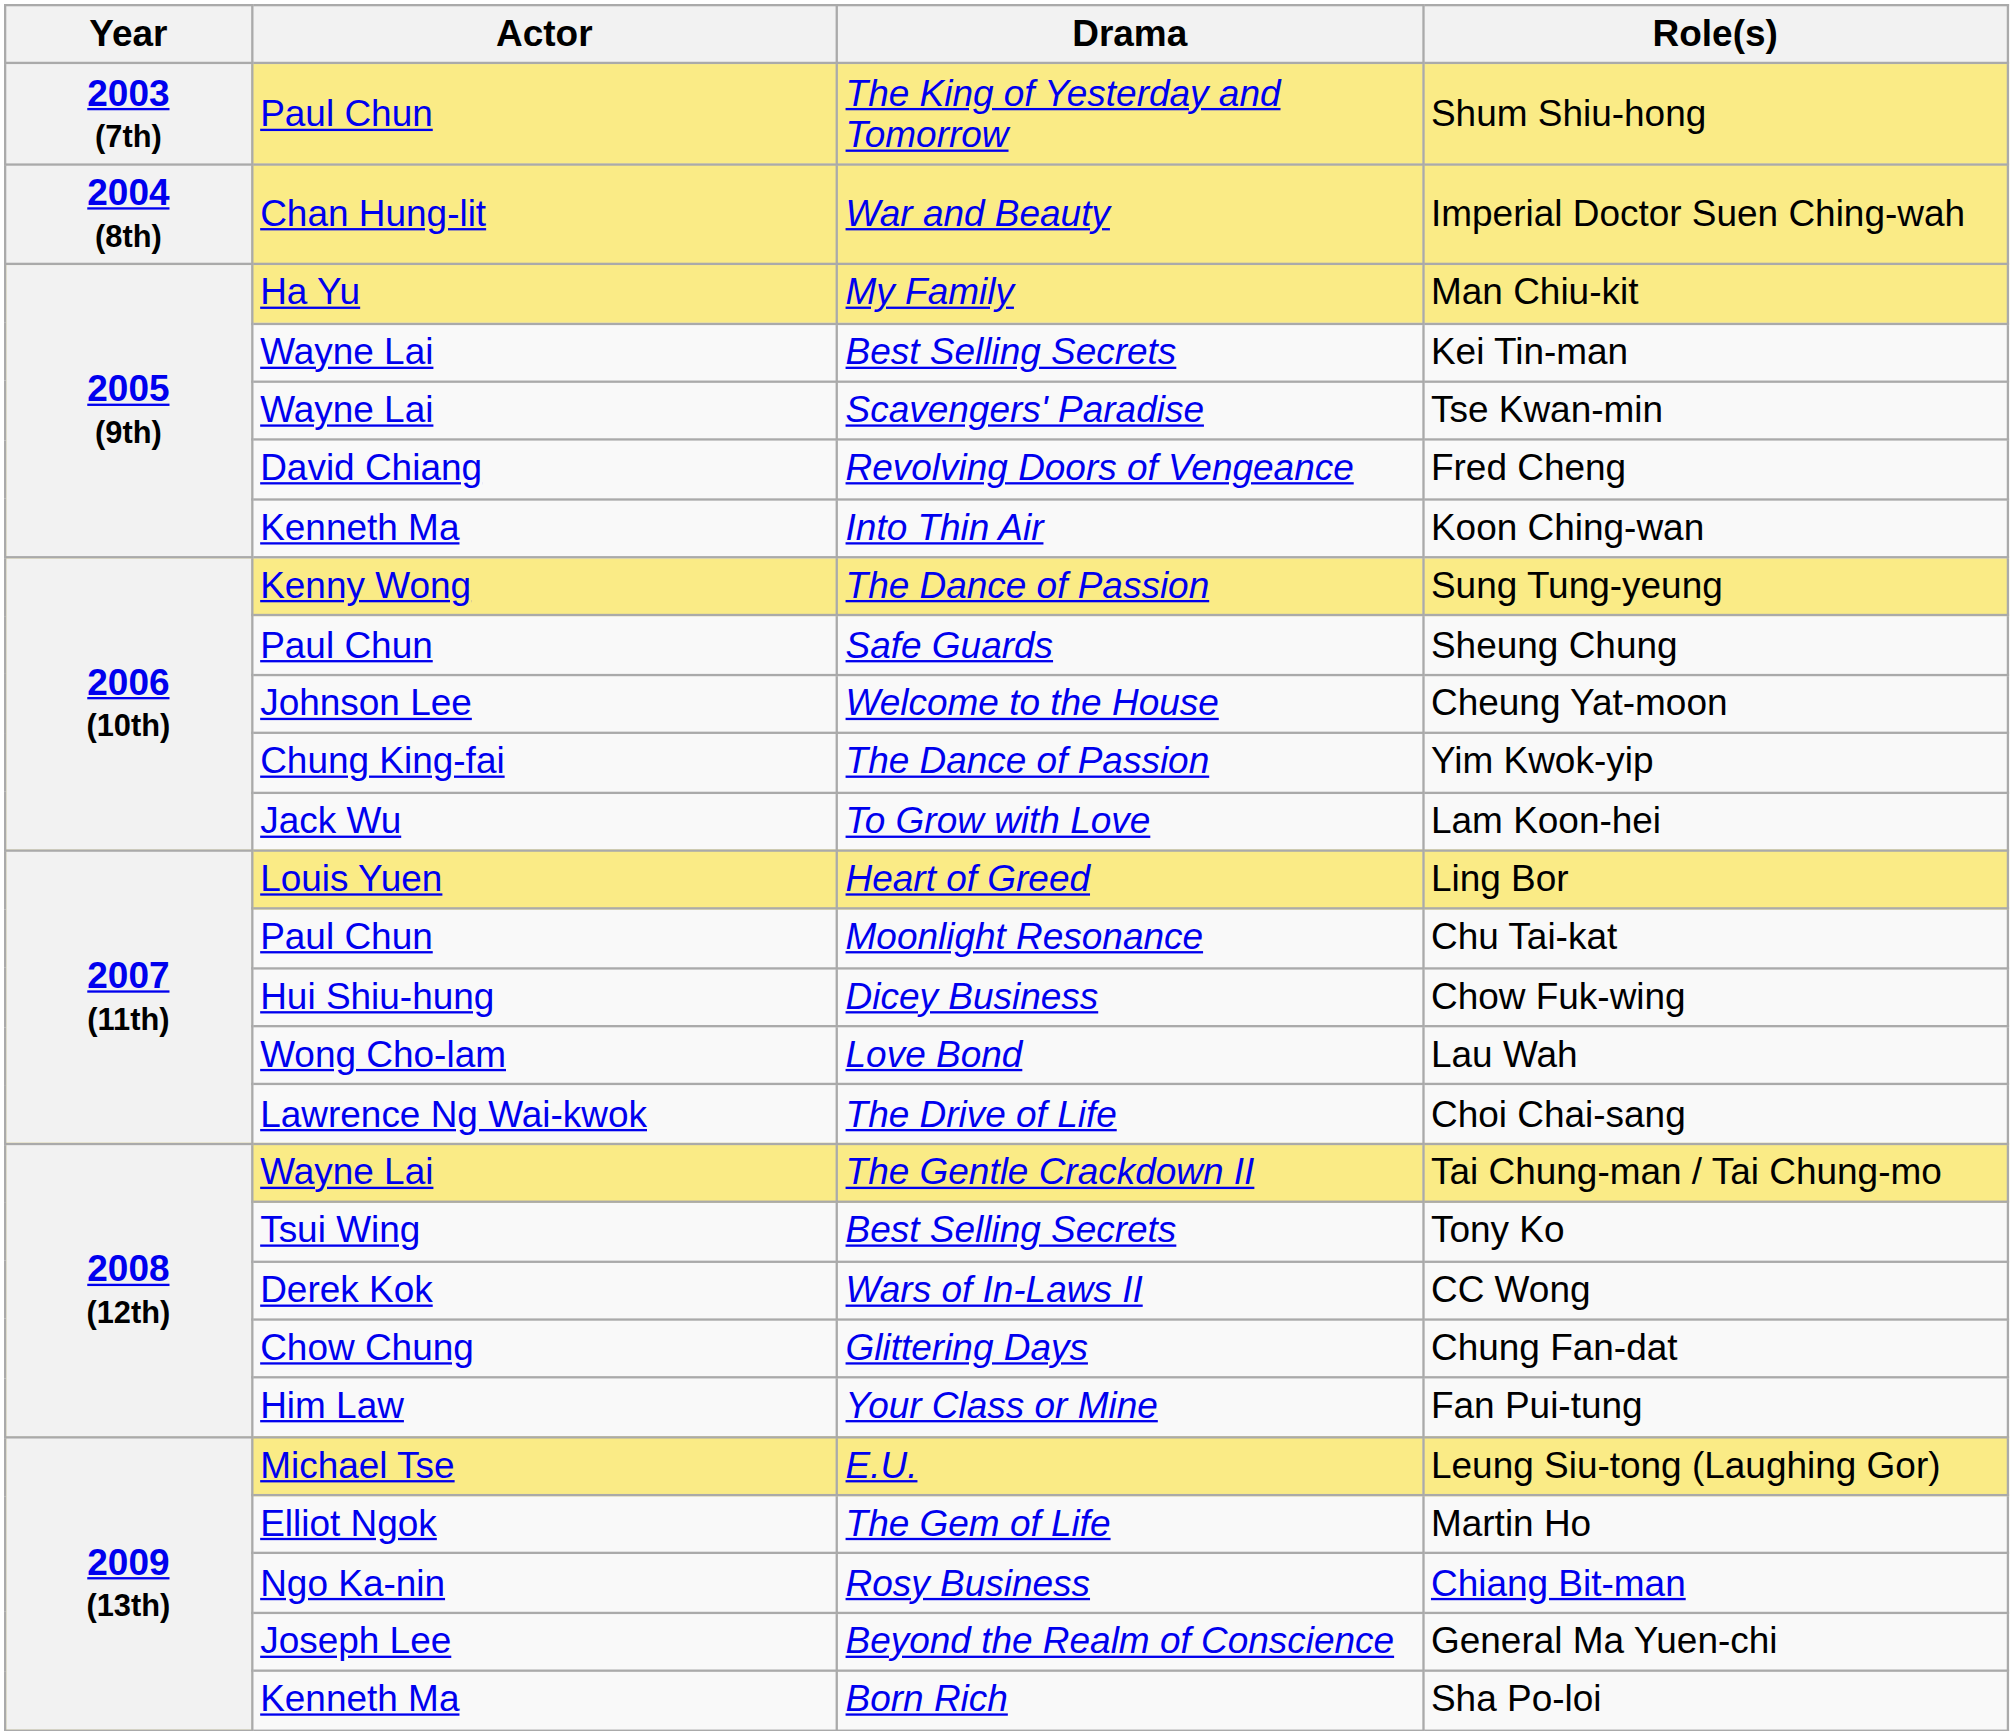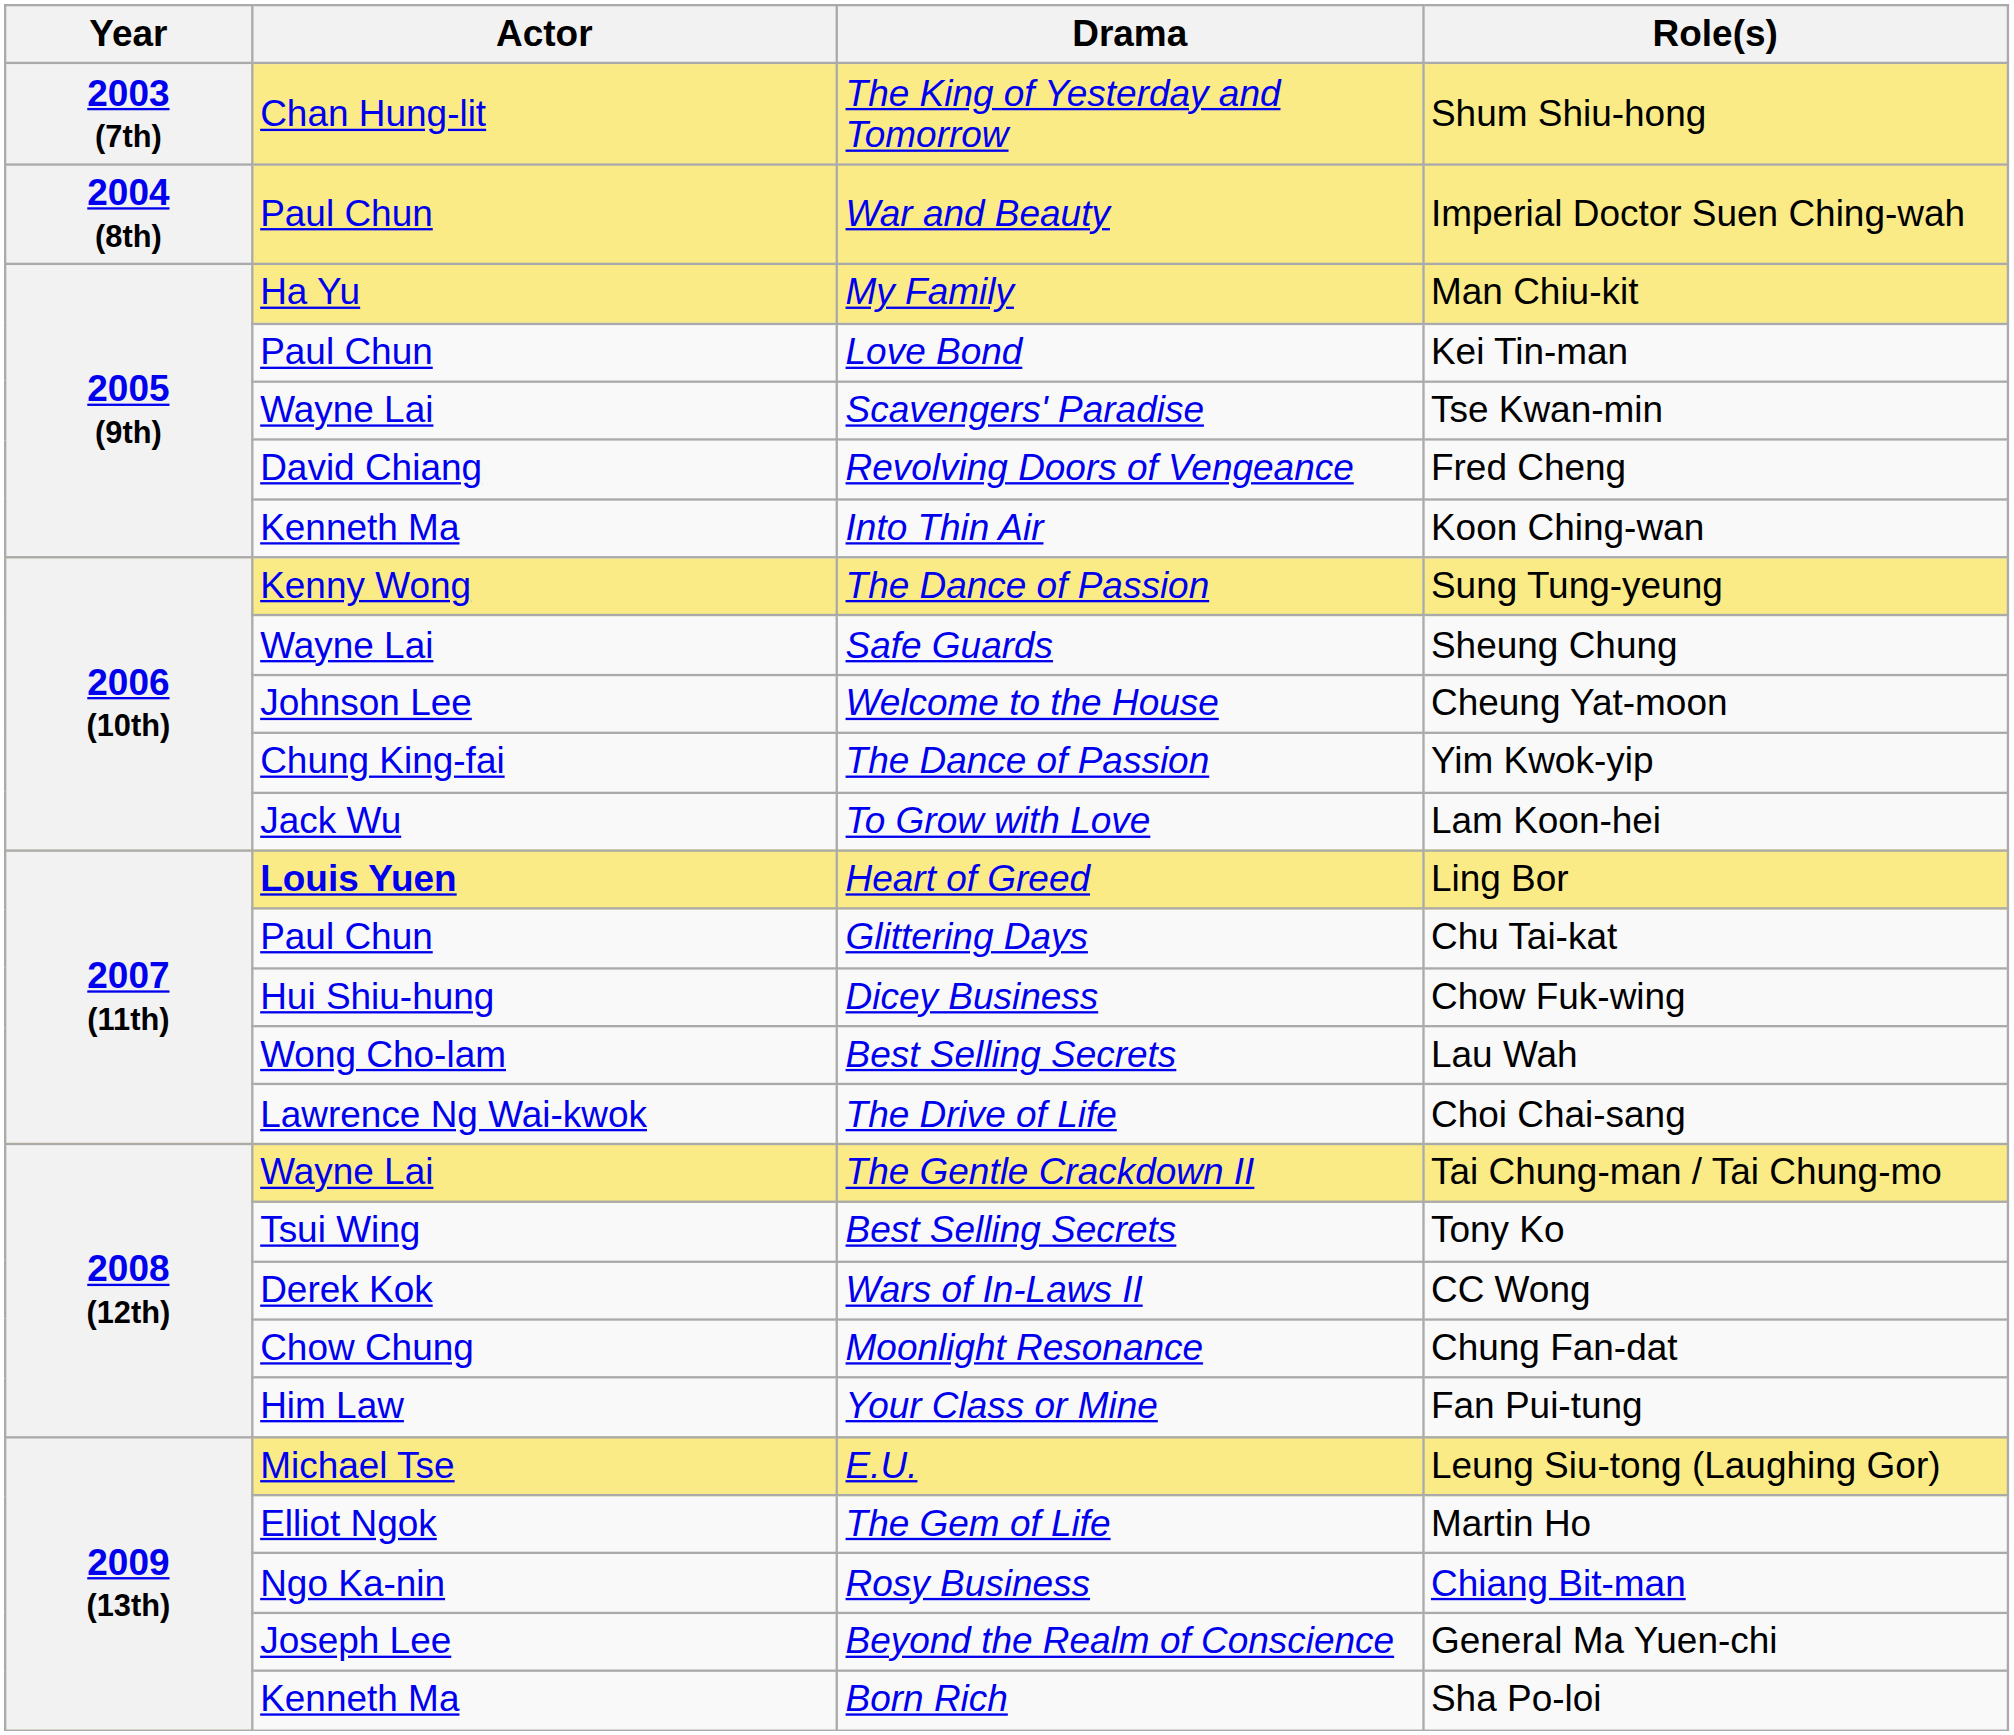 <table class="wikitable">
 <tr>
 <th width="8%">Year</th>
 <th width="19%">Actor</th>
 <th width="19%">Drama</th>
 <th width="19%">Role(s)</th>
 </tr>
 <tr>
 <th scope="row" style="text-align:center"><strong><a href='#'>2003</a></strong><br><small>(7th)</small></th>
-<td style="background:#FAEB86"><a href='#'>Paul Chun</a> </td>
+<td style="background:#FAEB86"><a href='#'>Chan Hung-lit</a> </td>
 <td style="background:#FAEB86"><em><a href='#'>The King of Yesterday and Tomorrow</a></em></td>
 <td style="background:#FAEB86">Shum Shiu-hong</td>
 </tr>
 <tr>
 <th scope="row" style="text-align:center"><strong><a href='#'>2004</a></strong><br><small>(8th)</small></th>
-<td style="background:#FAEB86"><a href='#'>Chan Hung-lit</a> </td>
+<td style="background:#FAEB86"><a href='#'>Paul Chun</a> </td>
 <td style="background:#FAEB86"><em><a href='#'>War and Beauty</a></em></td>
 <td style="background:#FAEB86">Imperial Doctor Suen Ching-wah</td>
 </tr>
 <tr style="background:#FAEB86">
 <th rowspan="5"><strong><a href='#'>2005</a></strong><br><small>(9th)</small></th>
 <td><a href='#'>Ha Yu</a> </td>
 <td><em><a href='#'>My Family</a></em></td>
 <td>Man Chiu-kit</td>
 </tr>
 <tr>
-<td><a href='#'>Wayne Lai</a></td>
-<td><em><a href='#'>Best Selling Secrets</a></em></td>
+<td><a href='#'>Paul Chun</a></td>
+<td><em><a href='#'>Love Bond</a></em></td>
 <td>Kei Tin-man</td>
 </tr>
 <tr>
 <td><a href='#'>Wayne Lai</a></td>
 <td><em><a href='#'>Scavengers' Paradise</a></em></td>
 <td>Tse Kwan-min</td>
 </tr>
 <tr>
 <td><a href='#'>David Chiang</a></td>
 <td><em><a href='#'>Revolving Doors of Vengeance</a></em></td>
 <td>Fred Cheng</td>
 </tr>
 <tr>
 <td><a href='#'>Kenneth Ma</a></td>
 <td><em><a href='#'>Into Thin Air</a></em></td>
 <td>Koon Ching-wan</td>
 </tr>
 <tr style="background:#FAEB86">
 <th rowspan="5"><strong><a href='#'>2006</a></strong> <br><small>(10th)</small></th>
 <td><a href='#'>Kenny Wong</a> </td>
 <td><em><a href='#'>The Dance of Passion</a></em></td>
 <td>Sung Tung-yeung</td>
 </tr>
 <tr>
-<td><a href='#'>Paul Chun</a></td>
+<td><a href='#'>Wayne Lai</a></td>
 <td><em><a href='#'>Safe Guards</a></em></td>
 <td>Sheung Chung</td>
 </tr>
 <tr>
 <td><a href='#'>Johnson Lee</a></td>
 <td><em><a href='#'>Welcome to the House</a></em></td>
 <td>Cheung Yat-moon</td>
 </tr>
 <tr>
 <td><a href='#'>Chung King-fai</a></td>
 <td><em><a href='#'>The Dance of Passion</a></em></td>
 <td>Yim Kwok-yip</td>
 </tr>
 <tr>
 <td><a href='#'>Jack Wu</a></td>
 <td><em><a href='#'>To Grow with Love</a></em></td>
 <td>Lam Koon-hei</td>
 </tr>
 <tr style="background:#FAEB86">
 <th rowspan="5"><strong><a href='#'>2007</a></strong><br><small>(11th)</small></th>
-<td><a href='#'>Louis Yuen</a> </td>
+<td><strong><a href='#'>Louis Yuen</a> </strong></td>
 <td><em><a href='#'>Heart of Greed</a></em></td>
 <td>Ling Bor</td>
 </tr>
 <tr>
 <td><a href='#'>Paul Chun</a></td>
-<td><em><a href='#'>Moonlight Resonance</a></em></td>
+<td><em><a href='#'>Glittering Days</a></em></td>
 <td>Chu Tai-kat</td>
 </tr>
 <tr>
 <td><a href='#'>Hui Shiu-hung</a></td>
 <td><em><a href='#'>Dicey Business</a></em></td>
 <td>Chow Fuk-wing</td>
 </tr>
 <tr>
 <td><a href='#'>Wong Cho-lam</a></td>
-<td><em><a href='#'>Love Bond</a></em></td>
+<td><em><a href='#'>Best Selling Secrets</a></em></td>
 <td>Lau Wah</td>
 </tr>
 <tr>
 <td><a href='#'>Lawrence Ng Wai-kwok</a></td>
 <td><em><a href='#'>The Drive of Life</a></em></td>
 <td>Choi Chai-sang</td>
 </tr>
 <tr style="background:#FAEB86">
 <th rowspan="5"><strong><a href='#'>2008</a></strong><br><small>(12th)</small></th>
 <td><a href='#'>Wayne Lai</a> </td>
 <td><em><a href='#'>The Gentle Crackdown II</a></em></td>
 <td>Tai Chung-man / Tai Chung-mo</td>
 </tr>
 <tr>
 <td><a href='#'>Tsui Wing</a></td>
 <td><em><a href='#'>Best Selling Secrets</a></em></td>
 <td>Tony Ko</td>
 </tr>
 <tr>
 <td><a href='#'>Derek Kok</a></td>
 <td><em><a href='#'>Wars of In-Laws II</a></em></td>
 <td>CC Wong</td>
 </tr>
 <tr>
 <td><a href='#'>Chow Chung</a></td>
-<td><em><a href='#'>Glittering Days</a></em></td>
+<td><em><a href='#'>Moonlight Resonance</a></em></td>
 <td>Chung Fan-dat</td>
 </tr>
 <tr>
 <td><a href='#'>Him Law</a></td>
 <td><em><a href='#'>Your Class or Mine</a></em></td>
 <td>Fan Pui-tung</td>
 </tr>
 <tr style="background:#FAEB86">
 <th rowspan="5"><strong><a href='#'>2009</a></strong><br><small>(13th)</small></th>
 <td><a href='#'>Michael Tse</a> </td>
 <td><em><a href='#'>E.U.</a></em></td>
 <td>Leung Siu-tong (Laughing Gor)</td>
 </tr>
 <tr>
 <td><a href='#'>Elliot Ngok</a></td>
 <td><em><a href='#'>The Gem of Life</a></em></td>
 <td>Martin Ho</td>
 </tr>
 <tr>
 <td><a href='#'>Ngo Ka-nin</a></td>
 <td><em><a href='#'>Rosy Business</a></em></td>
 <td><a href='#'>Chiang Bit-man</a></td>
 </tr>
 <tr>
 <td><a href='#'>Joseph Lee</a></td>
 <td><em><a href='#'>Beyond the Realm of Conscience</a></em></td>
 <td>General Ma Yuen-chi</td>
 </tr>
 <tr>
 <td><a href='#'>Kenneth Ma</a></td>
 <td><em><a href='#'>Born Rich</a></em></td>
 <td>Sha Po-loi</td>
 </tr>
 </table>
